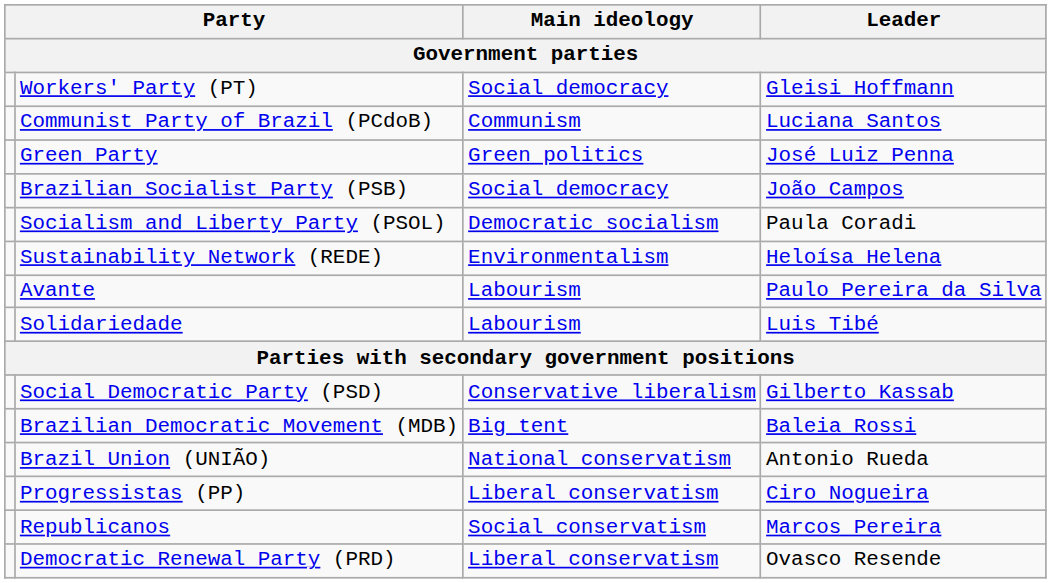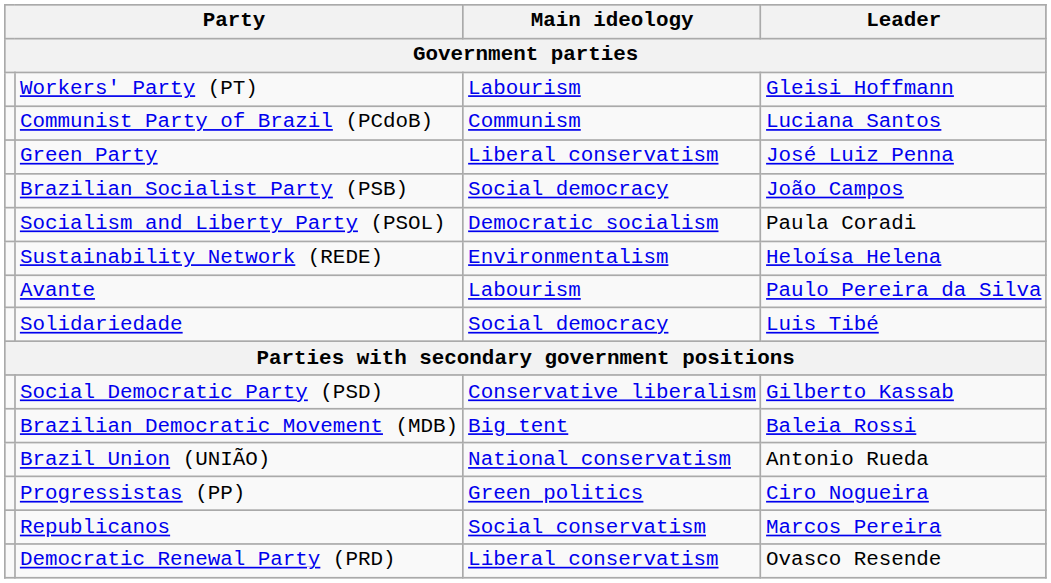 <table class="wikitable" style="font-size:95%">
 <tr>
 <th colspan=2>Party</th>
 <th>Main ideology</th>
 <th>Leader</th>
 </tr>
 <tr>
 <th colspan=5>Government parties</th>
 </tr>
 <tr>
 <td style="color:inherit;background:"></td>
 <td><a href='#'>Workers' Party</a> (PT)</td>
-<td><a href='#'>Social democracy</a></td>
+<td><a href='#'>Labourism</a></td>
 <td><a href='#'>Gleisi Hoffmann</a></td>
 </tr>
 <tr>
 <td style="color:inherit;background:"></td>
 <td><a href='#'>Communist Party of Brazil</a> (PCdoB)</td>
 <td><a href='#'>Communism</a></td>
 <td><a href='#'>Luciana Santos</a></td>
 </tr>
 <tr>
 <td style="color:inherit;background:"></td>
 <td><a href='#'>Green Party</a></td>
-<td><a href='#'>Green politics</a></td>
+<td><a href='#'>Liberal conservatism</a></td>
 <td><a href='#'>José Luiz Penna</a></td>
 </tr>
 <tr>
 <td style="color:inherit;background:"></td>
 <td><a href='#'>Brazilian Socialist Party</a> (PSB)</td>
 <td><a href='#'>Social democracy</a></td>
 <td><a href='#'>João Campos</a></td>
 </tr>
 <tr>
 <td style="color:inherit;background:"></td>
 <td><a href='#'>Socialism and Liberty Party</a> (PSOL)</td>
 <td><a href='#'>Democratic socialism</a></td>
 <td>Paula Coradi</td>
 </tr>
 <tr>
 <td style="color:inherit;background:"></td>
 <td><a href='#'>Sustainability Network</a> (REDE)</td>
 <td><a href='#'>Environmentalism</a></td>
 <td><a href='#'>Heloísa Helena</a></td>
 </tr>
 <tr>
 <td style="color:inherit;background:"></td>
 <td><a href='#'>Avante</a></td>
 <td><a href='#'>Labourism</a></td>
 <td><a href='#'>Paulo Pereira da Silva</a></td>
 </tr>
 <tr>
 <td style="color:inherit;background:"></td>
 <td><a href='#'>Solidariedade</a></td>
-<td><a href='#'>Labourism</a></td>
+<td><a href='#'>Social democracy</a></td>
 <td><a href='#'>Luis Tibé</a></td>
 </tr>
 <tr>
 <th colspan=5>Parties with secondary government positions</th>
 </tr>
 <tr>
 <td style="color:inherit;background:"></td>
 <td><a href='#'>Social Democratic Party</a> (PSD)</td>
 <td><a href='#'>Conservative liberalism</a></td>
 <td><a href='#'>Gilberto Kassab</a></td>
 </tr>
 <tr>
 <td style="color:inherit;background:"></td>
 <td><a href='#'>Brazilian Democratic Movement</a> (MDB)</td>
 <td><a href='#'>Big tent</a></td>
 <td><a href='#'>Baleia Rossi</a></td>
 </tr>
 <tr>
 <td style="color:inherit;background:"></td>
 <td><a href='#'>Brazil Union</a> (UNIÃO)</td>
 <td><a href='#'>National conservatism</a></td>
 <td>Antonio Rueda</td>
 </tr>
 <tr>
 <td style="color:inherit;background:"></td>
 <td><a href='#'>Progressistas</a> (PP)</td>
-<td><a href='#'>Liberal conservatism</a></td>
+<td><a href='#'>Green politics</a></td>
 <td><a href='#'>Ciro Nogueira</a></td>
 </tr>
 <tr>
 <td style="color:inherit;background:"></td>
 <td><a href='#'>Republicanos</a></td>
 <td><a href='#'>Social conservatism</a></td>
 <td><a href='#'>Marcos Pereira</a></td>
 </tr>
 <tr>
 <td style="color:inherit;background:"></td>
 <td><a href='#'>Democratic Renewal Party</a> (PRD)</td>
 <td><a href='#'>Liberal conservatism</a></td>
 <td>Ovasco Resende</td>
 </tr>
 </table>
